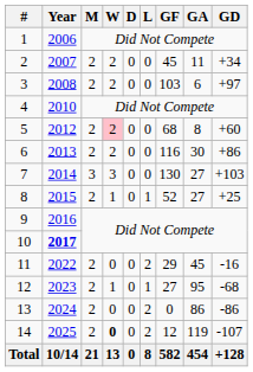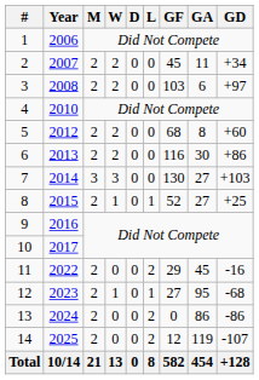 <table class="wikitable sortable" style="text-align:center">
 <tr>
 <th>#</th>
 <th>Year</th>
 <th>M</th>
 <th>W</th>
 <th>D</th>
 <th>L</th>
 <th>GF</th>
 <th>GA</th>
 <th>GD</th>
 </tr>
 <tr>
 <td>1</td>
 <td><a href='#'>2006</a></td>
 <td colspan="7"><em>Did Not Compete</em></td>
 </tr>
 <tr>
 <td>2</td>
 <td><a href='#'>2007</a></td>
 <td>2</td>
 <td>2</td>
 <td>0</td>
 <td>0</td>
 <td>45</td>
 <td>11</td>
 <td>+34</td>
 </tr>
 <tr>
 <td>3</td>
 <td><a href='#'>2008</a></td>
 <td>2</td>
 <td>2</td>
 <td>0</td>
 <td>0</td>
 <td>103</td>
 <td>6</td>
 <td>+97</td>
 </tr>
 <tr>
 <td>4</td>
 <td><a href='#'>2010</a></td>
 <td colspan="7"><em>Did Not Compete</em></td>
 </tr>
 <tr>
 <td>5</td>
 <td><a href='#'>2012</a></td>
 <td>2</td>
-<td style="background: pink;">2</td>
+<td>2</td>
 <td>0</td>
 <td>0</td>
 <td>68</td>
 <td>8</td>
 <td>+60</td>
 </tr>
 <tr>
 <td>6</td>
 <td><a href='#'>2013</a></td>
 <td>2</td>
 <td>2</td>
 <td>0</td>
 <td>0</td>
 <td>116</td>
 <td>30</td>
 <td>+86</td>
 </tr>
 <tr>
 <td>7</td>
 <td><a href='#'>2014</a></td>
 <td>3</td>
 <td>3</td>
 <td>0</td>
 <td>0</td>
 <td>130</td>
 <td>27</td>
 <td>+103</td>
 </tr>
 <tr>
 <td>8</td>
 <td><a href='#'>2015</a></td>
 <td>2</td>
 <td>1</td>
 <td>0</td>
 <td>1</td>
 <td>52</td>
 <td>27</td>
 <td>+25</td>
 </tr>
 <tr>
 <td>9</td>
 <td><a href='#'>2016</a></td>
 <td colspan="7" rowspan="2"><em>Did Not Compete</em></td>
 </tr>
 <tr>
 <td>10</td>
-<td><strong><a href='#'>2017</a></strong></td>
+<td><a href='#'>2017</a></td>
 </tr>
 <tr>
 <td>11</td>
 <td><a href='#'>2022</a></td>
 <td>2</td>
 <td>0</td>
 <td>0</td>
 <td>2</td>
 <td>29</td>
 <td>45</td>
 <td>-16</td>
 </tr>
 <tr>
 <td>12</td>
 <td><a href='#'>2023</a></td>
 <td>2</td>
 <td>1</td>
 <td>0</td>
 <td>1</td>
 <td>27</td>
 <td>95</td>
 <td>-68</td>
 </tr>
 <tr>
 <td>13</td>
 <td><a href='#'>2024</a></td>
 <td>2</td>
 <td>0</td>
 <td>0</td>
 <td>2</td>
 <td>0</td>
 <td>86</td>
 <td>-86</td>
 </tr>
 <tr>
 <td>14</td>
 <td><a href='#'>2025</a></td>
 <td>2</td>
-<td><strong>0</strong></td>
+<td>0</td>
 <td>0</td>
 <td>2</td>
 <td>12</td>
 <td>119</td>
 <td>-107</td>
 </tr>
 <tr>
 <th><strong>Total</strong></th>
 <th>10/14</th>
 <th>21</th>
 <th>13</th>
 <th>0</th>
 <th>8</th>
 <th>582</th>
 <th>454</th>
 <th>+128</th>
 </tr>
 </table>
